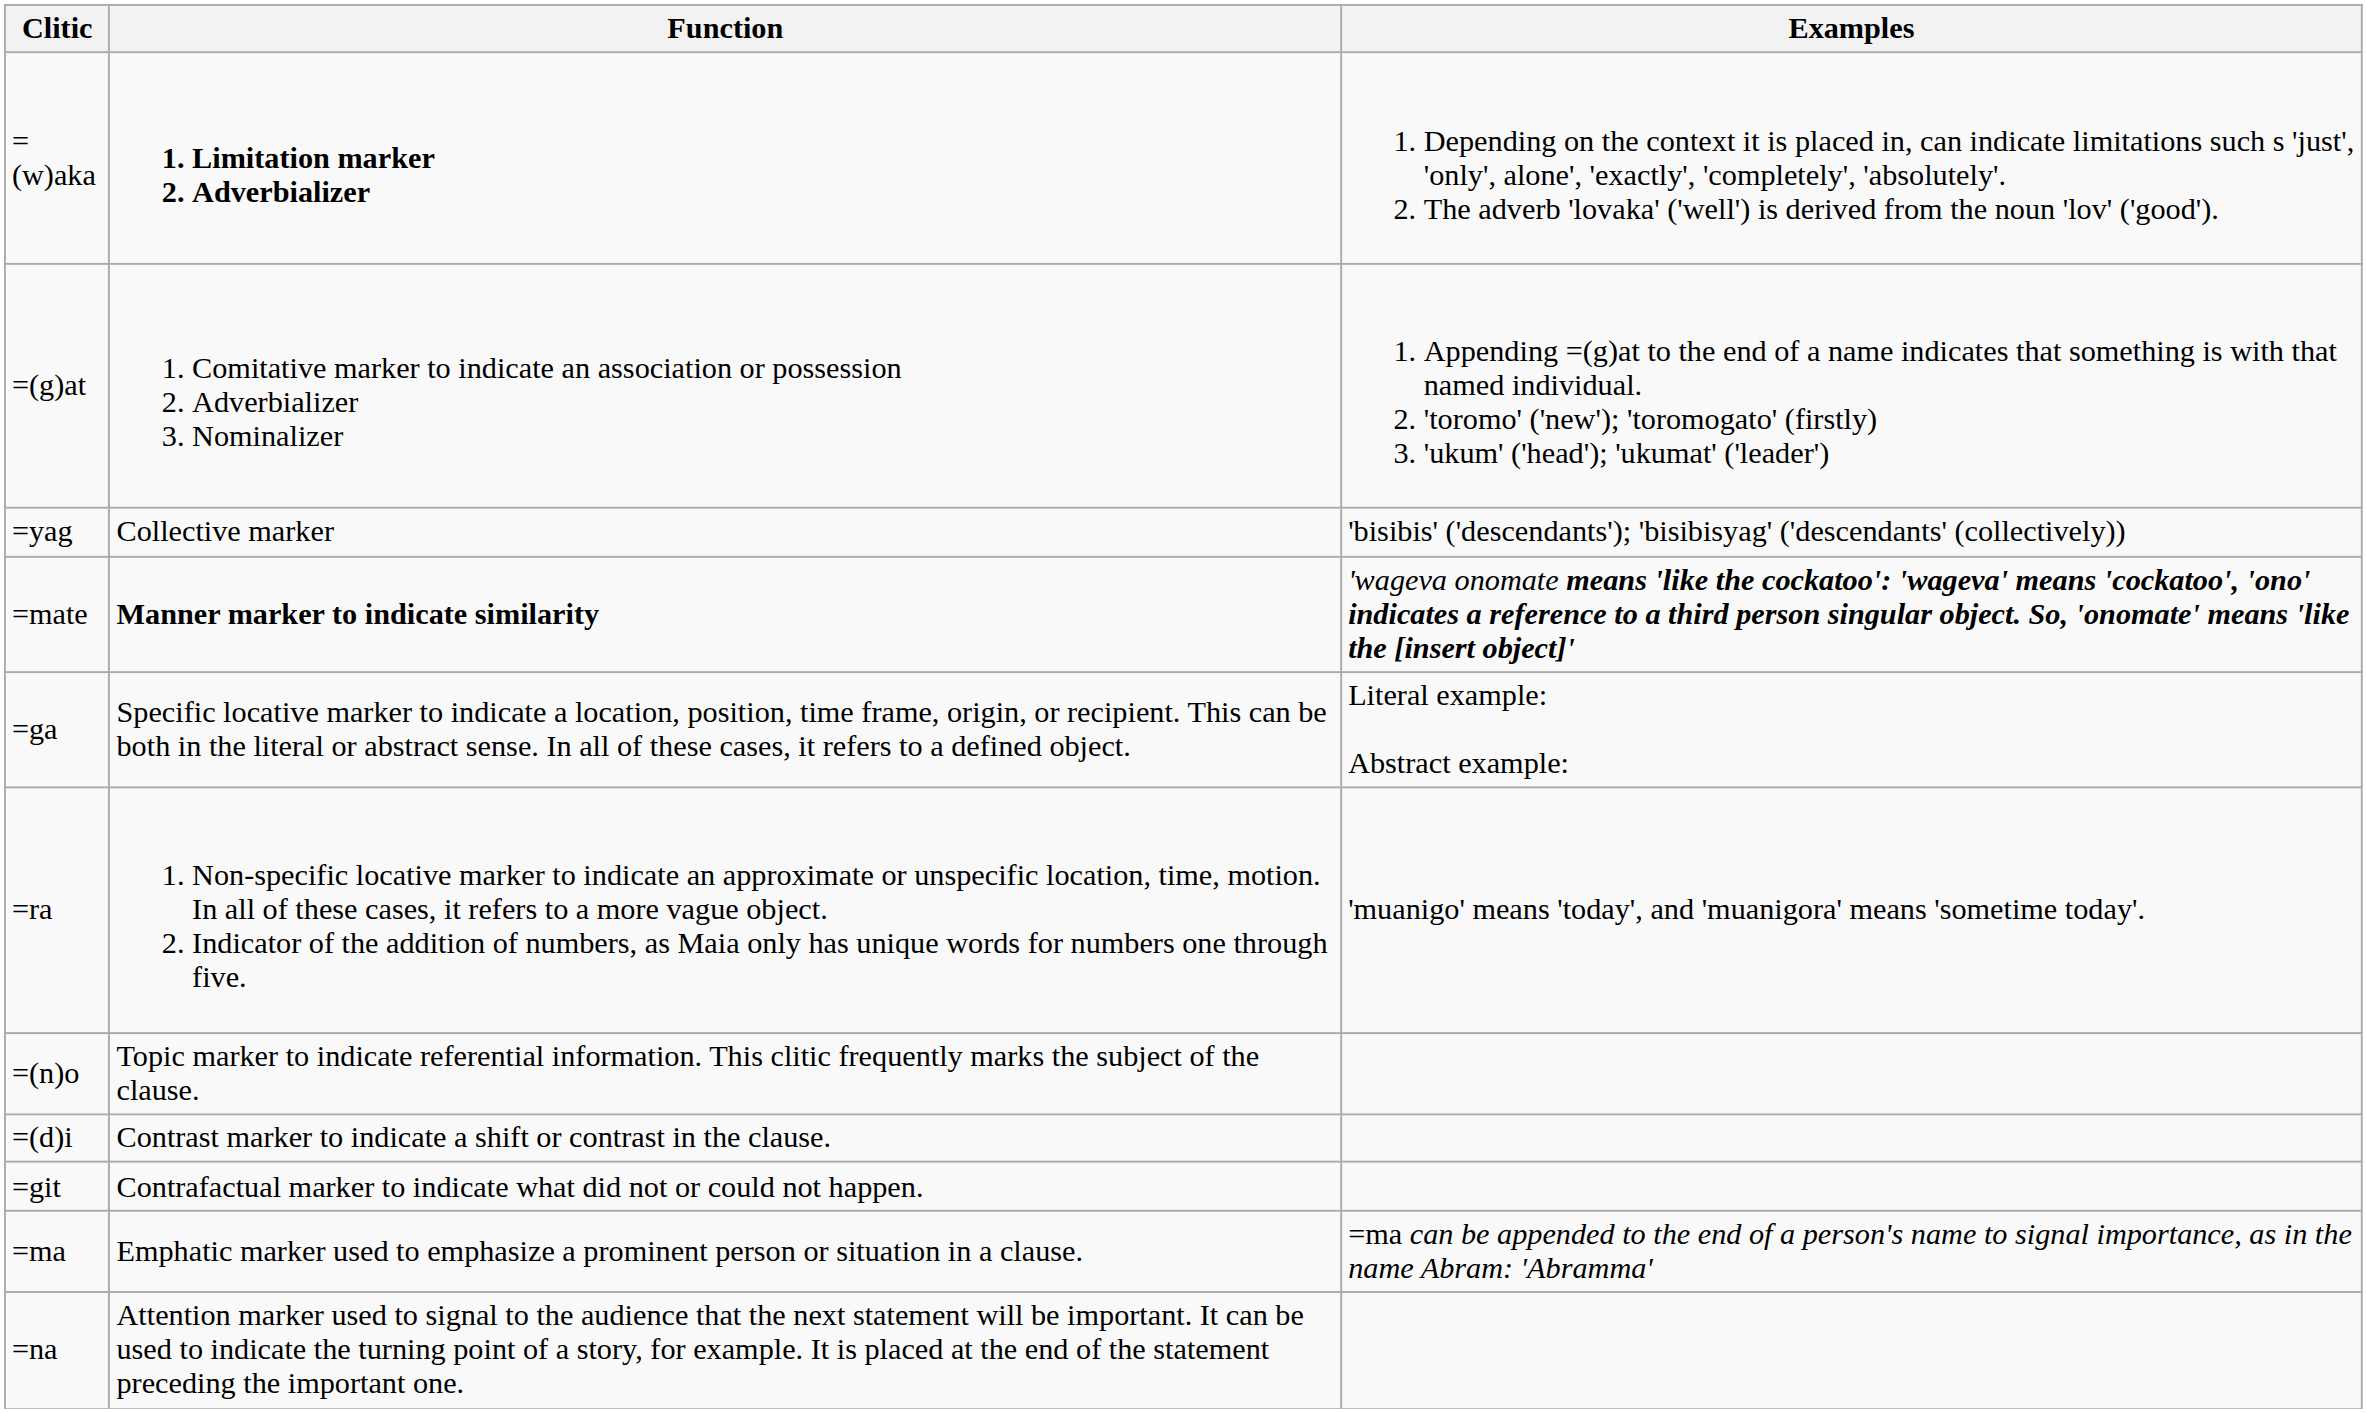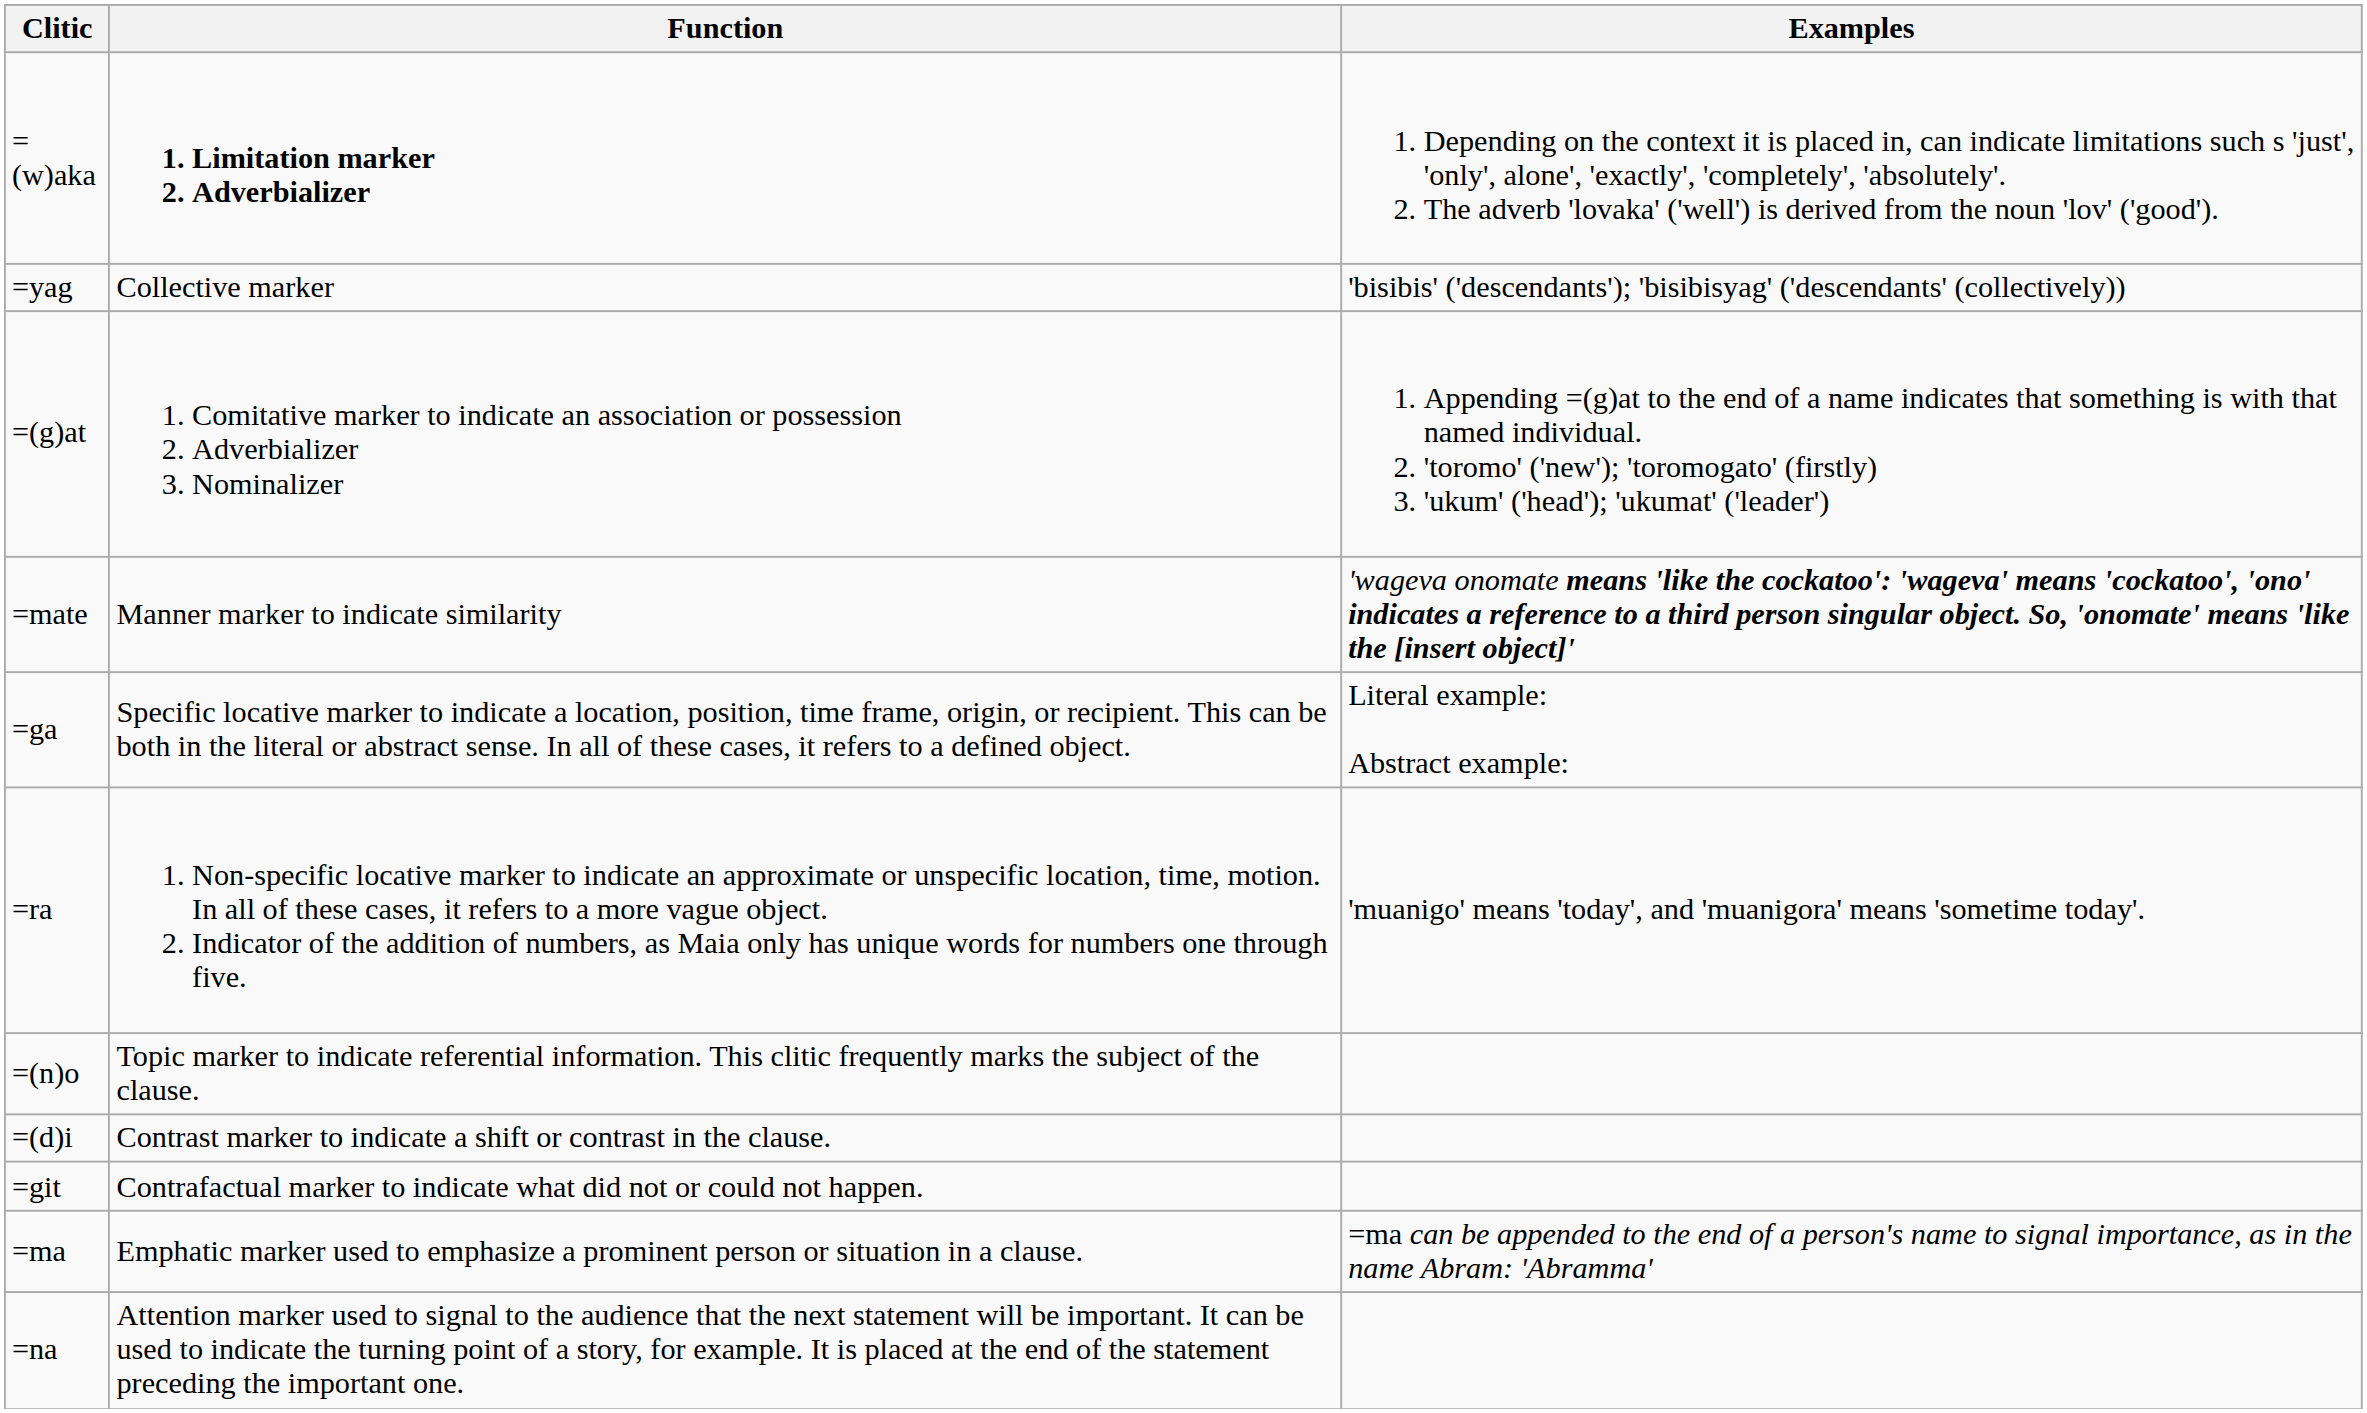 <table class="wikitable">
 <tr>
 <th>Clitic</th>
 <th>Function</th>
 <th>Examples</th>
 </tr>
 <tr>
 <td>=(w)aka</td>
 <td><strong><br><ol><li>Limitation marker</li><li>Adverbializer</li></ol></strong></td>
 <td><br><ol><li>Depending on the context it is placed in, can indicate limitations such s 'just', 'only', alone', 'exactly', 'completely', 'absolutely'.</li><li>The adverb 'lovaka' ('well') is derived from the noun 'lov' ('good').</li></ol></td>
 </tr>
 <tr>
+<td>=yag</td>
+<td>Collective marker</td>
+<td>'bisibis' ('descendants'); 'bisibisyag' ('descendants' (collectively))</td>
+</tr>
+<tr>
 <td>=(g)at</td>
 <td><br><ol><li>Comitative marker to indicate an association or possession</li><li>Adverbializer</li><li>Nominalizer</li></ol></td>
 <td><br><ol><li>Appending =(g)at to the end of a name indicates that something is with that named individual.</li><li>'toromo' ('new'); 'toromogato' (firstly)</li><li>'ukum' ('head'); 'ukumat' ('leader')</li></ol></td>
 </tr>
 <tr>
-<td>=yag</td>
-<td>Collective marker</td>
-<td>'bisibis' ('descendants'); 'bisibisyag' ('descendants' (collectively))</td>
-</tr>
-<tr>
 <td>=mate</td>
-<td><strong>Manner marker to indicate similarity</strong></td>
+<td>Manner marker to indicate similarity</td>
 <td><em>'wageva onomate<strong> means 'like the cockatoo': 'wageva' means 'cockatoo', 'ono' indicates a reference to a third person singular object. So, 'onomate' means 'like the [insert object]'</td>
 </tr>
 <tr>
 <td>=ga</td>
 <td>Specific locative marker to indicate a location, position, time frame, origin, or recipient. This can be both in the literal or abstract sense. In all of these cases, it refers to a defined object.</td>
 <td>Literal example:<br><br>Abstract example: </td>
 </tr>
 <tr>
 <td>=ra</td>
 <td><br><ol><li>Non-specific locative marker to indicate an approximate or unspecific location, time, motion. In all of these cases, it refers to a more vague object.</li><li>Indicator of the addition of numbers, as Maia only has unique words for numbers one through five.</li></ol></td>
 <td>'muanigo' means 'today', and 'muanigora' means 'sometime today'.<br></td>
 </tr>
 <tr>
 <td>=(n)o</td>
 <td>Topic marker to indicate referential information. This clitic frequently marks the subject of the clause.</td>
 <td></td>
 </tr>
 <tr>
 <td>=(d)i</td>
 <td>Contrast marker to indicate a shift or contrast in the clause.</td>
 <td></td>
 </tr>
 <tr>
 <td>=git</td>
 <td>Contrafactual marker to indicate what did not or could not happen.</td>
 <td></td>
 </tr>
 <tr>
 <td>=ma</td>
 <td>Emphatic marker used to emphasize a prominent person or situation in a clause.</td>
 <td></em>=ma<em> can be appended to the end of a person's name to signal importance, as in the name Abram: 'Abramma'</td>
 </tr>
 <tr>
 <td>=na</td>
 <td>Attention marker used to signal to the audience that the next statement will be important. It can be used to indicate the turning point of a story, for example. It is placed at the end of the statement preceding the important one.</td>
 <td></td>
 </tr>
 </table>
